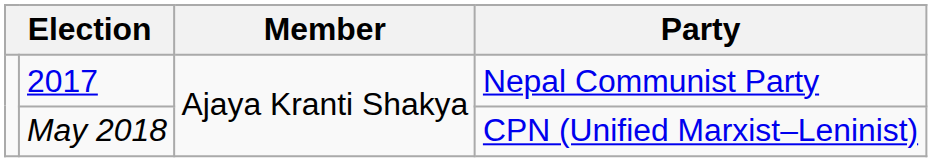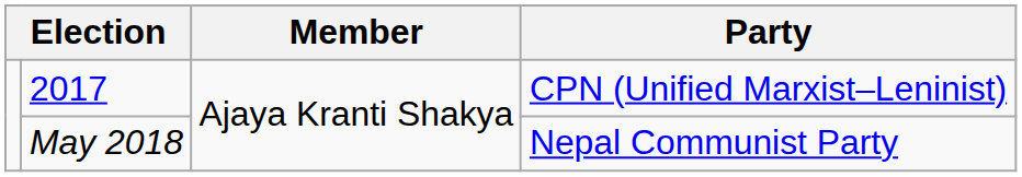 <table class="wikitable">
 <tr>
 <th colspan="2">Election</th>
 <th>Member</th>
 <th>Party</th>
 </tr>
 <tr>
 <td rowspan="2" style="background-color:"></td>
 <td><a href='#'>2017</a></td>
 <td rowspan="2">Ajaya Kranti Shakya</td>
-<td><a href='#'>Nepal Communist Party</a></td>
+<td><a href='#'>CPN (Unified Marxist–Leninist)</a></td>
 </tr>
 <tr>
 <td><em>May 2018</em></td>
-<td><a href='#'>CPN (Unified Marxist–Leninist)</a></td>
+<td><a href='#'>Nepal Communist Party</a></td>
 </tr>
 </table>
